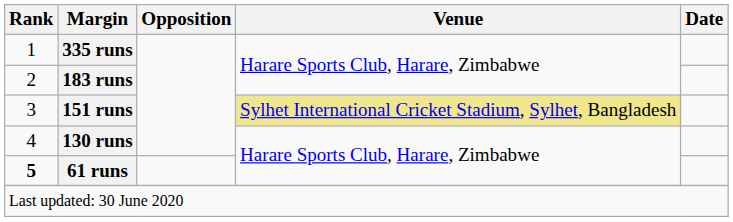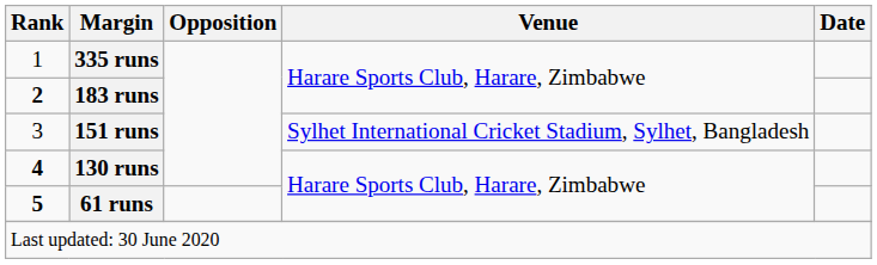 <table class="wikitable plainrowheaders sortable">
 <tr>
 <th scope=col>Rank</th>
 <th scope=col>Margin</th>
 <th scope=col>Opposition</th>
 <th scope=col>Venue</th>
 <th scope=col>Date</th>
 </tr>
 <tr>
 <td align=center>1</td>
 <th scope=row style=text-align:center;>335 runs</th>
 <td rowspan=4></td>
 <td rowspan=2><a href='#'>Harare Sports Club</a>, <a href='#'>Harare</a>, Zimbabwe</td>
 <td></td>
 </tr>
 <tr>
-<td align=center>2</td>
+<td align=center><strong>2</strong></td>
 <th scope=row style=text-align:center;>183 runs</th>
 <td></td>
 </tr>
 <tr>
 <td align=center>3</td>
 <th scope=row style=text-align:center;>151 runs</th>
-<td style="background: khaki;"><a href='#'>Sylhet International Cricket Stadium</a>, <a href='#'>Sylhet</a>, Bangladesh</td>
+<td><a href='#'>Sylhet International Cricket Stadium</a>, <a href='#'>Sylhet</a>, Bangladesh</td>
 <td></td>
 </tr>
 <tr>
-<td align=center>4</td>
+<td align=center><strong>4</strong></td>
 <th scope=row style=text-align:center;>130 runs</th>
 <td rowspan=2><a href='#'>Harare Sports Club</a>, <a href='#'>Harare</a>, Zimbabwe</td>
 <td></td>
 </tr>
 <tr>
 <td align=center><strong>5</strong></td>
 <th scope=row style=text-align:center;>61 runs</th>
 <td></td>
 <td></td>
 </tr>
 <tr>
 </tr>
 <tr class=sortbottom>
 <td colspan=5><small>Last updated: 30 June 2020</small></td>
 </tr>
 </table>
